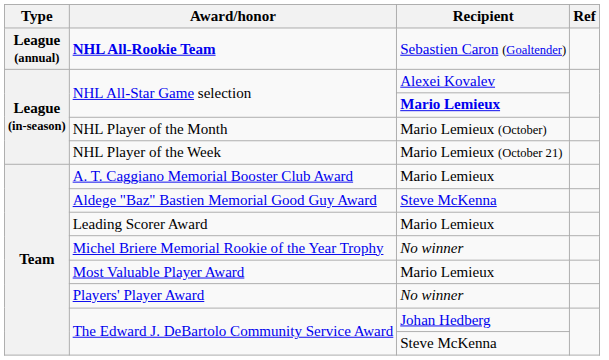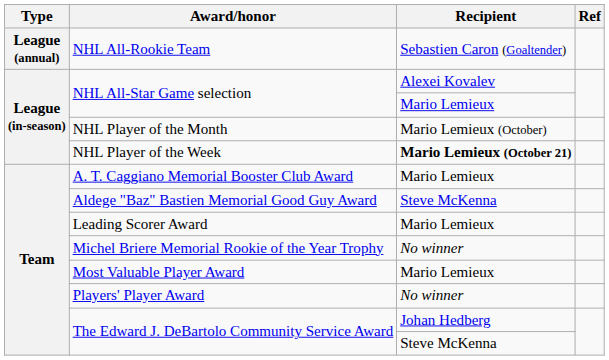 <table class="wikitable">
 <tr>
 <th scope="col">Type</th>
 <th scope="col">Award/honor</th>
 <th scope="col">Recipient</th>
 <th scope="col">Ref</th>
 </tr>
 <tr>
 <th scope="row">League<br><small>(annual)</small></th>
-<td><strong><a href='#'>NHL All-Rookie Team</a></strong></td>
+<td><a href='#'>NHL All-Rookie Team</a></td>
 <td><a href='#'>Sebastien Caron</a> <small>(<a href='#'>Goaltender</a>)</small></td>
 <td></td>
 </tr>
 <tr>
 <th scope="row" rowspan="4">League<br><small>(in-season)</small></th>
 <td rowspan="2"><a href='#'>NHL All-Star Game</a> selection</td>
 <td><a href='#'>Alexei Kovalev</a></td>
 <td rowspan="2"></td>
 </tr>
 <tr>
-<td><strong><a href='#'>Mario Lemieux</a></strong></td>
+<td><a href='#'>Mario Lemieux</a></td>
 </tr>
 <tr>
 <td>NHL Player of the Month</td>
 <td>Mario Lemieux <small>(October)</small></td>
 <td></td>
 </tr>
 <tr>
 <td>NHL Player of the Week</td>
-<td>Mario Lemieux <small>(October 21)</small></td>
+<td><strong>Mario Lemieux <small>(October 21)</small></strong></td>
 <td></td>
 </tr>
 <tr>
 <th scope="row" rowspan="8">Team</th>
 <td><a href='#'>A. T. Caggiano Memorial Booster Club Award</a></td>
 <td>Mario Lemieux</td>
 <td></td>
 </tr>
 <tr>
 <td><a href='#'>Aldege "Baz" Bastien Memorial Good Guy Award</a></td>
 <td><a href='#'>Steve McKenna</a></td>
 <td></td>
 </tr>
 <tr>
 <td>Leading Scorer Award</td>
 <td>Mario Lemieux</td>
 <td></td>
 </tr>
 <tr>
 <td><a href='#'>Michel Briere Memorial Rookie of the Year Trophy</a></td>
 <td><em>No winner</em></td>
 <td></td>
 </tr>
 <tr>
 <td><a href='#'>Most Valuable Player Award</a></td>
 <td>Mario Lemieux</td>
 <td></td>
 </tr>
 <tr>
 <td><a href='#'>Players' Player Award</a></td>
 <td><em>No winner</em></td>
 <td></td>
 </tr>
 <tr>
 <td rowspan="2"><a href='#'>The Edward J. DeBartolo Community Service Award</a></td>
 <td><a href='#'>Johan Hedberg</a></td>
 <td rowspan="2"></td>
 </tr>
 <tr>
 <td>Steve McKenna</td>
 </tr>
 </table>
